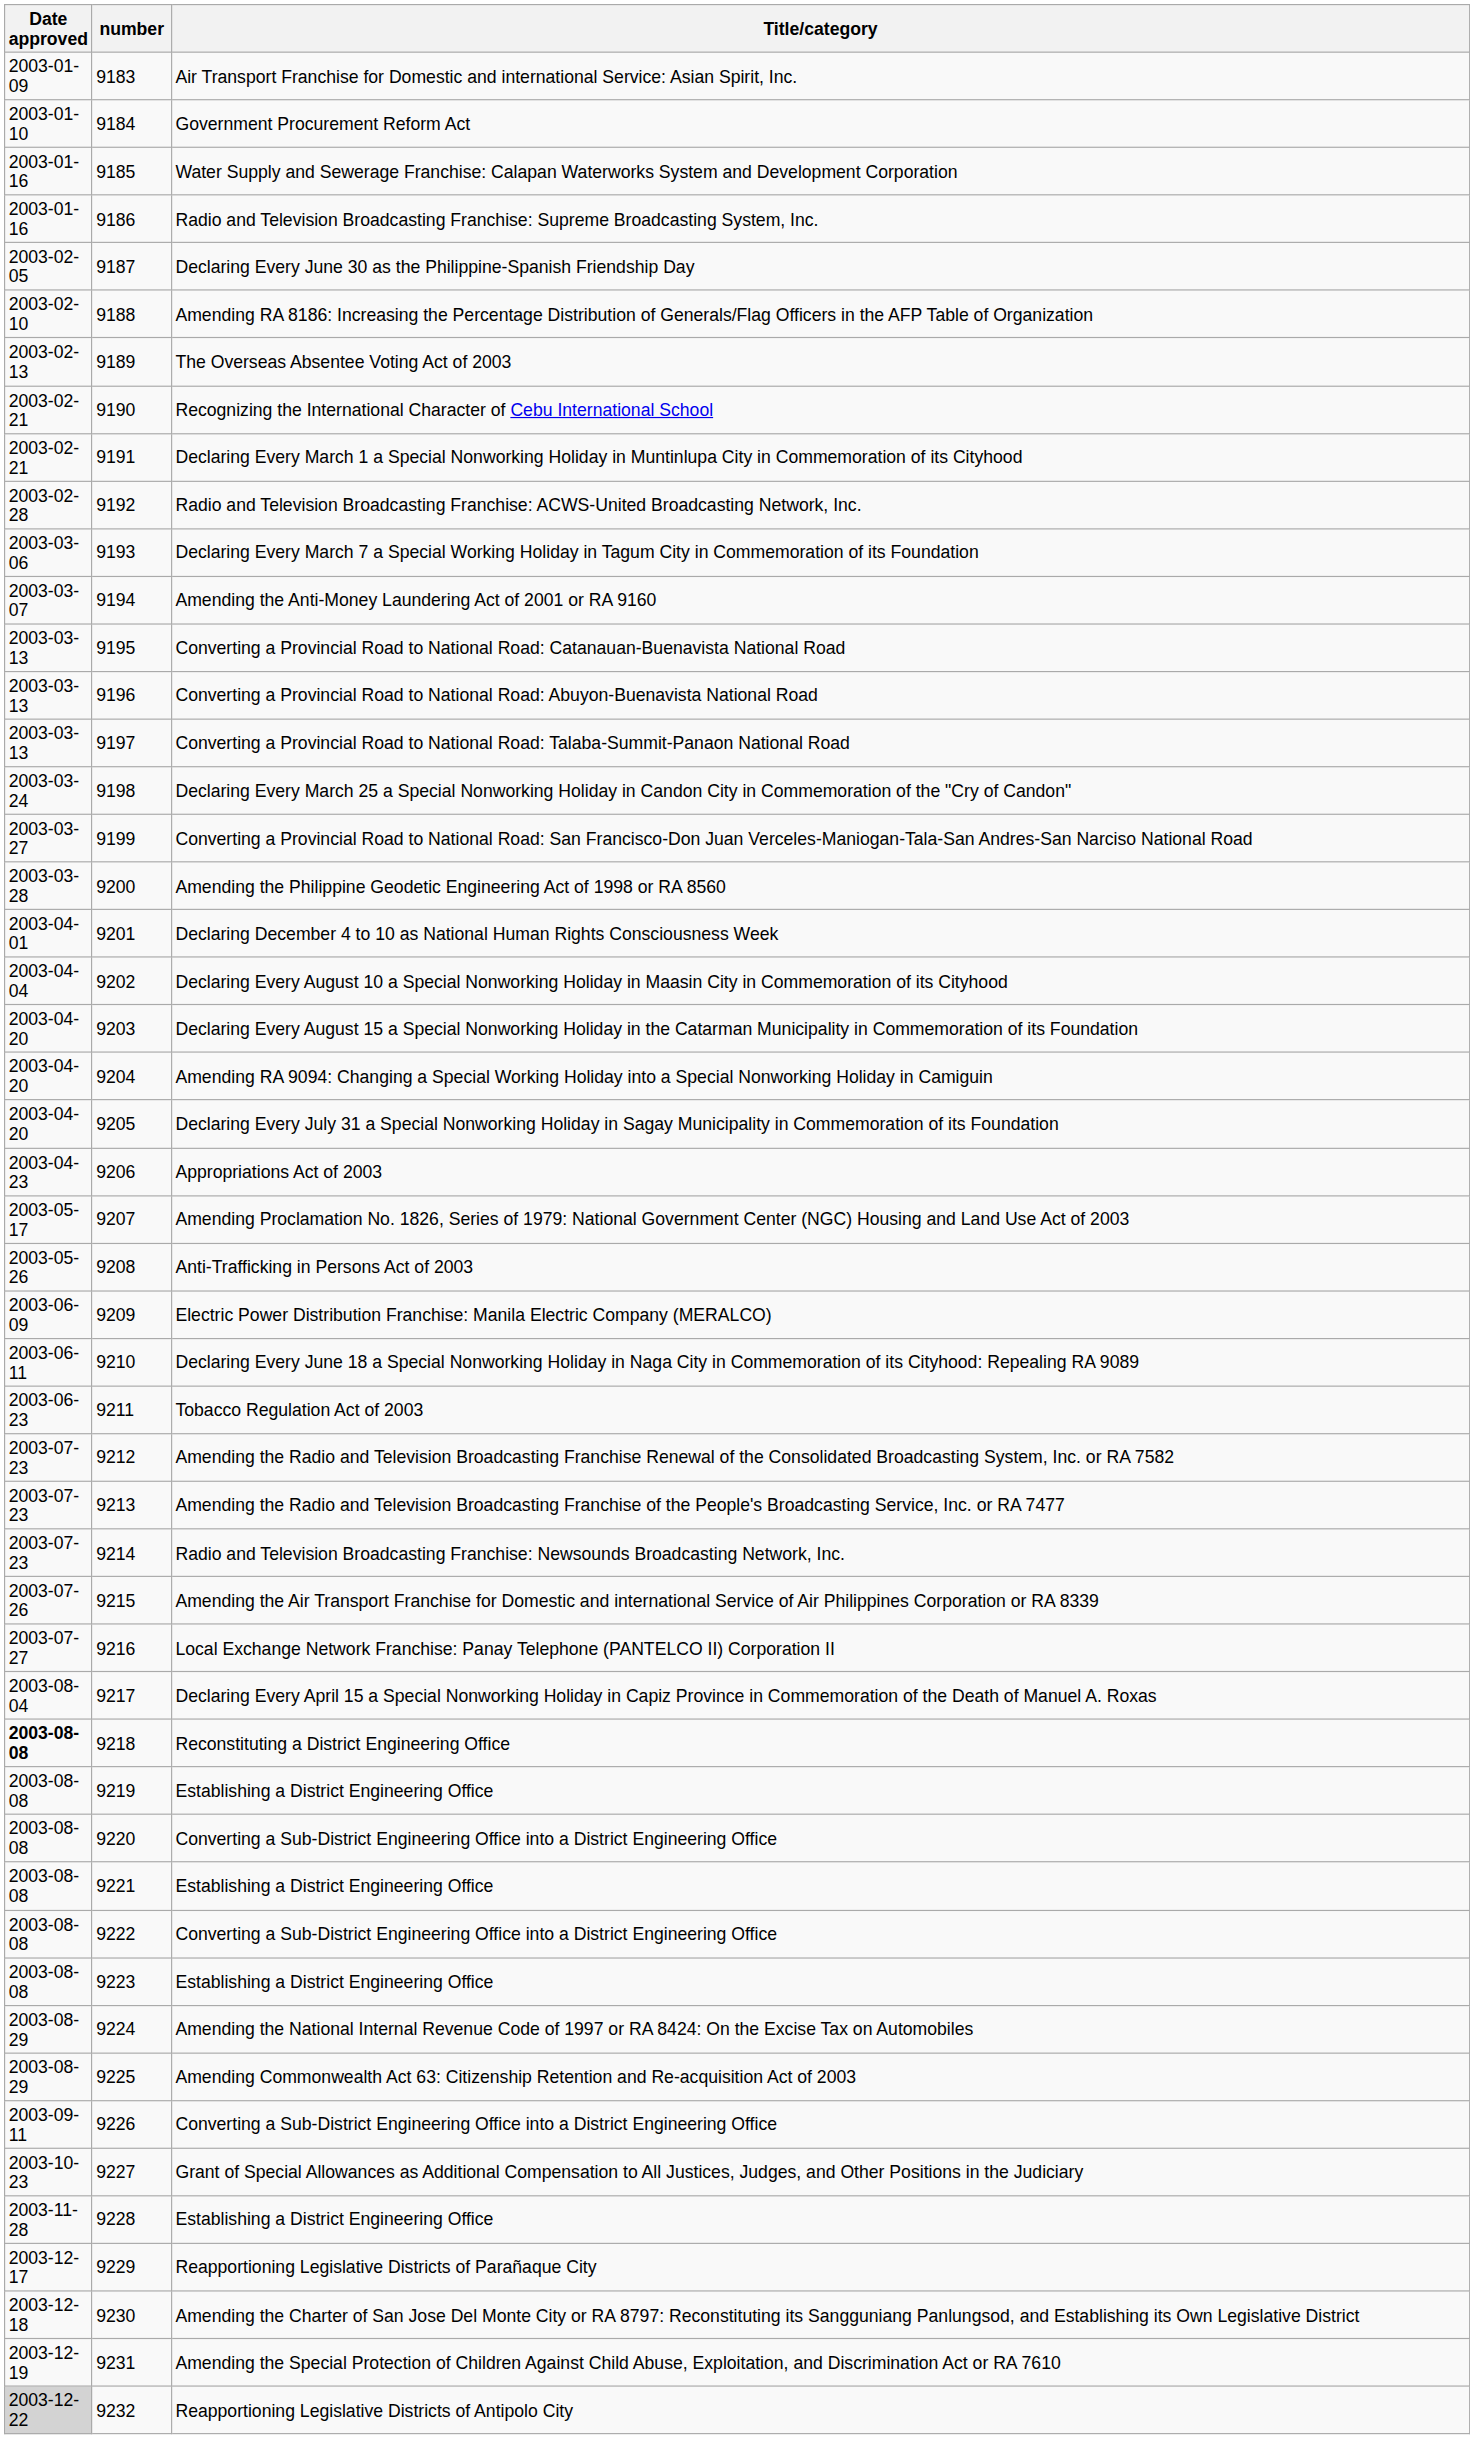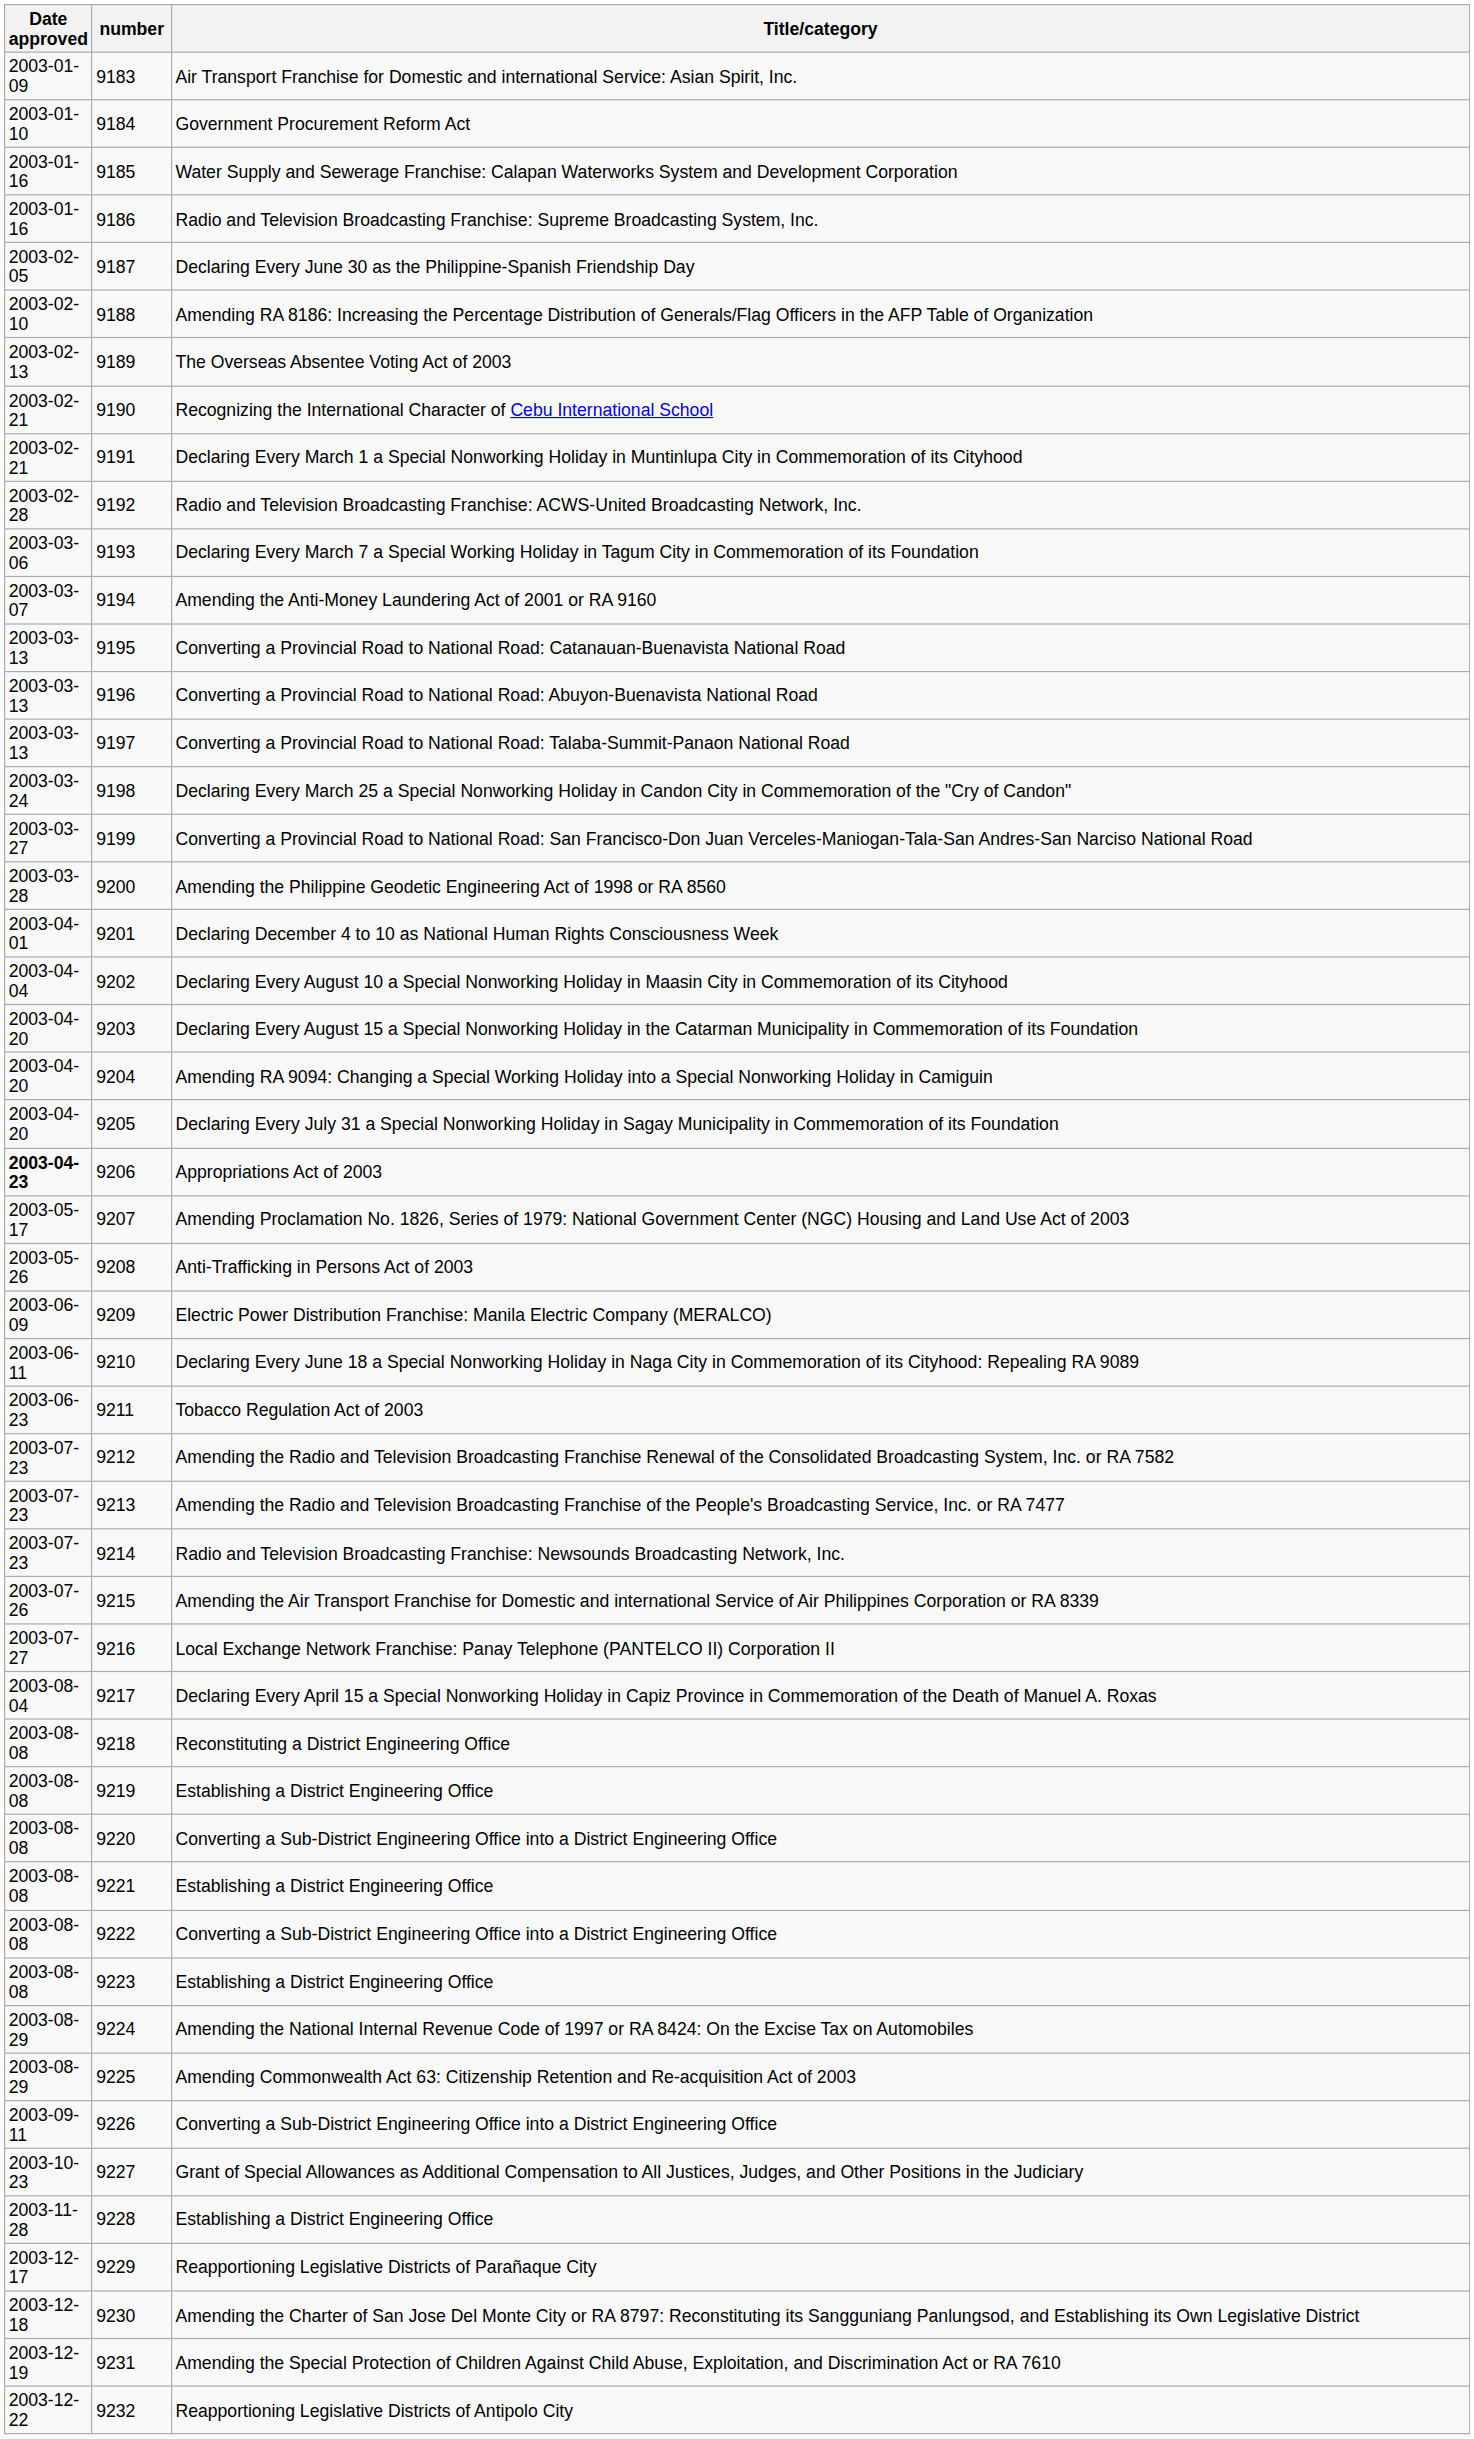 <table class="wikitable sortable collapsible collapsed plainrowheaders" style="width: 100%; font-size: 95%">
 <tr>
 <th scope="col" data-sort-type="isoDate" style="width:  50px;">Date approved</th>
 <th scope="col"> number</th>
 <th scope="col">Title/category</th>
 </tr>
 <tr>
 <td>2003-01-09</td>
 <td>9183</td>
 <td>Air Transport Franchise for Domestic and international Service: Asian Spirit, Inc.</td>
 </tr>
 <tr>
 <td>2003-01-10</td>
 <td>9184</td>
 <td>Government Procurement Reform Act</td>
 </tr>
 <tr>
 <td>2003-01-16</td>
 <td>9185</td>
 <td>Water Supply and Sewerage Franchise: Calapan Waterworks System and Development Corporation</td>
 </tr>
 <tr>
 <td>2003-01-16</td>
 <td>9186</td>
 <td>Radio and Television Broadcasting Franchise: Supreme Broadcasting System, Inc.</td>
 </tr>
 <tr>
 <td>2003-02-05</td>
 <td>9187</td>
 <td>Declaring Every June 30 as the Philippine-Spanish Friendship Day</td>
 </tr>
 <tr>
 <td>2003-02-10</td>
 <td>9188</td>
 <td>Amending RA 8186: Increasing the Percentage Distribution of Generals/Flag Officers in the AFP Table of Organization</td>
 </tr>
 <tr>
 <td>2003-02-13</td>
 <td>9189</td>
 <td>The Overseas Absentee Voting Act of 2003</td>
 </tr>
 <tr>
 <td>2003-02-21</td>
 <td>9190</td>
 <td>Recognizing the International Character of <a href='#'>Cebu International School</a></td>
 </tr>
 <tr>
 <td>2003-02-21</td>
 <td>9191</td>
 <td>Declaring Every March 1 a Special Nonworking Holiday in Muntinlupa City in Commemoration of its Cityhood</td>
 </tr>
 <tr>
 <td>2003-02-28</td>
 <td>9192</td>
 <td>Radio and Television Broadcasting Franchise: ACWS-United Broadcasting Network, Inc.</td>
 </tr>
 <tr>
 <td>2003-03-06</td>
 <td>9193</td>
 <td>Declaring Every March 7 a Special Working Holiday in Tagum City in Commemoration of its Foundation</td>
 </tr>
 <tr>
 <td>2003-03-07</td>
 <td>9194</td>
 <td>Amending the Anti-Money Laundering Act of 2001 or RA 9160</td>
 </tr>
 <tr>
 <td>2003-03-13</td>
 <td>9195</td>
 <td>Converting a Provincial Road to National Road: Catanauan-Buenavista National Road</td>
 </tr>
 <tr>
 <td>2003-03-13</td>
 <td>9196</td>
 <td>Converting a Provincial Road to National Road: Abuyon-Buenavista National Road</td>
 </tr>
 <tr>
 <td>2003-03-13</td>
 <td>9197</td>
 <td>Converting a Provincial Road to National Road: Talaba-Summit-Panaon National Road</td>
 </tr>
 <tr>
 <td>2003-03-24</td>
 <td>9198</td>
 <td>Declaring Every March 25 a Special Nonworking Holiday in Candon City in Commemoration of the "Cry of Candon"</td>
 </tr>
 <tr>
 <td>2003-03-27</td>
 <td>9199</td>
 <td>Converting a Provincial Road to National Road: San Francisco-Don Juan Verceles-Maniogan-Tala-San Andres-San Narciso National Road</td>
 </tr>
 <tr>
 <td>2003-03-28</td>
 <td>9200</td>
 <td>Amending the Philippine Geodetic Engineering Act of 1998 or RA 8560</td>
 </tr>
 <tr>
 <td>2003-04-01</td>
 <td>9201</td>
 <td>Declaring December 4 to 10 as National Human Rights Consciousness Week</td>
 </tr>
 <tr>
 <td>2003-04-04</td>
 <td>9202</td>
 <td>Declaring Every August 10 a Special Nonworking Holiday in Maasin City in Commemoration of its Cityhood</td>
 </tr>
 <tr>
 <td>2003-04-20</td>
 <td>9203</td>
 <td>Declaring Every August 15 a Special Nonworking Holiday in the Catarman Municipality in Commemoration of its Foundation</td>
 </tr>
 <tr>
 <td>2003-04-20</td>
 <td>9204</td>
 <td>Amending RA 9094: Changing a Special Working Holiday into a Special Nonworking Holiday in Camiguin</td>
 </tr>
 <tr>
 <td>2003-04-20</td>
 <td>9205</td>
 <td>Declaring Every July 31 a Special Nonworking Holiday in Sagay Municipality in Commemoration of its Foundation</td>
 </tr>
 <tr>
-<td>2003-04-23</td>
+<td><strong>2003-04-23</strong></td>
 <td>9206</td>
 <td>Appropriations Act of 2003</td>
 </tr>
 <tr>
 <td>2003-05-17</td>
 <td>9207</td>
 <td>Amending Proclamation No. 1826, Series of 1979: National Government Center (NGC) Housing and Land Use Act of 2003</td>
 </tr>
 <tr>
 <td>2003-05-26</td>
 <td>9208</td>
 <td>Anti-Trafficking in Persons Act of 2003</td>
 </tr>
 <tr>
 <td>2003-06-09</td>
 <td>9209</td>
 <td>Electric Power Distribution Franchise: Manila Electric Company (MERALCO)</td>
 </tr>
 <tr>
 <td>2003-06-11</td>
 <td>9210</td>
 <td>Declaring Every June 18 a Special Nonworking Holiday in Naga City in Commemoration of its Cityhood: Repealing RA 9089</td>
 </tr>
 <tr>
 <td>2003-06-23</td>
 <td>9211</td>
 <td>Tobacco Regulation Act of 2003</td>
 </tr>
 <tr>
 <td>2003-07-23</td>
 <td>9212</td>
 <td>Amending the Radio and Television Broadcasting Franchise Renewal of the Consolidated Broadcasting System, Inc. or RA 7582</td>
 </tr>
 <tr>
 <td>2003-07-23</td>
 <td>9213</td>
 <td>Amending the Radio and Television Broadcasting Franchise of the People's Broadcasting Service, Inc. or RA 7477</td>
 </tr>
 <tr>
 <td>2003-07-23</td>
 <td>9214</td>
 <td>Radio and Television Broadcasting Franchise: Newsounds Broadcasting Network, Inc.</td>
 </tr>
 <tr>
 <td>2003-07-26</td>
 <td>9215</td>
 <td>Amending the Air Transport Franchise for Domestic and international Service of Air Philippines Corporation or RA 8339</td>
 </tr>
 <tr>
 <td>2003-07-27</td>
 <td>9216</td>
 <td>Local Exchange Network Franchise: Panay Telephone (PANTELCO II) Corporation II</td>
 </tr>
 <tr>
 <td>2003-08-04</td>
 <td>9217</td>
 <td>Declaring Every April 15 a Special Nonworking Holiday in Capiz Province in Commemoration of the Death of Manuel A. Roxas</td>
 </tr>
 <tr>
-<td><strong>2003-08-08</strong></td>
+<td>2003-08-08</td>
 <td>9218</td>
 <td>Reconstituting a District Engineering Office</td>
 </tr>
 <tr>
 <td>2003-08-08</td>
 <td>9219</td>
 <td>Establishing a District Engineering Office</td>
 </tr>
 <tr>
 <td>2003-08-08</td>
 <td>9220</td>
 <td>Converting a Sub-District Engineering Office into a District Engineering Office</td>
 </tr>
 <tr>
 <td>2003-08-08</td>
 <td>9221</td>
 <td>Establishing a District Engineering Office</td>
 </tr>
 <tr>
 <td>2003-08-08</td>
 <td>9222</td>
 <td>Converting a Sub-District Engineering Office into a District Engineering Office</td>
 </tr>
 <tr>
 <td>2003-08-08</td>
 <td>9223</td>
 <td>Establishing a District Engineering Office</td>
 </tr>
 <tr>
 <td>2003-08-29</td>
 <td>9224</td>
 <td>Amending the National Internal Revenue Code of 1997 or RA 8424: On the Excise Tax on Automobiles</td>
 </tr>
 <tr>
 <td>2003-08-29</td>
 <td>9225</td>
 <td>Amending Commonwealth Act 63: Citizenship Retention and Re-acquisition Act of 2003</td>
 </tr>
 <tr>
 <td>2003-09-11</td>
 <td>9226</td>
 <td>Converting a Sub-District Engineering Office into a District Engineering Office</td>
 </tr>
 <tr>
 <td>2003-10-23</td>
 <td>9227</td>
 <td>Grant of Special Allowances as Additional Compensation to All Justices, Judges, and Other Positions in the Judiciary</td>
 </tr>
 <tr>
 <td>2003-11-28</td>
 <td>9228</td>
 <td>Establishing a District Engineering Office</td>
 </tr>
 <tr>
 <td>2003-12-17</td>
 <td>9229</td>
 <td>Reapportioning Legislative Districts of Parañaque City</td>
 </tr>
 <tr>
 <td>2003-12-18</td>
 <td>9230</td>
 <td>Amending the Charter of San Jose Del Monte City or RA 8797: Reconstituting its Sangguniang Panlungsod, and Establishing its Own Legislative District</td>
 </tr>
 <tr>
 <td>2003-12-19</td>
 <td>9231</td>
 <td>Amending the Special Protection of Children Against Child Abuse, Exploitation, and Discrimination Act or RA 7610</td>
 </tr>
 <tr>
-<td style="background: lightgrey;">2003-12-22</td>
+<td>2003-12-22</td>
 <td>9232</td>
 <td>Reapportioning Legislative Districts of Antipolo City</td>
 </tr>
 </table>
